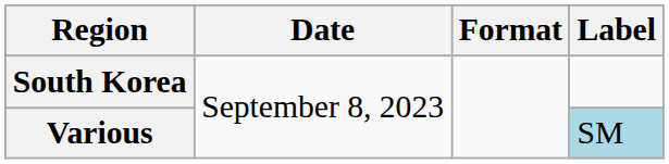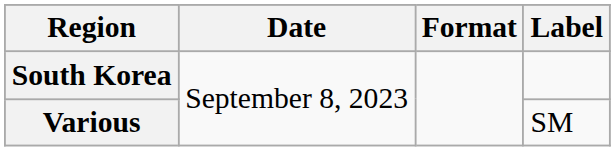 <table class="wikitable plainrowheaders">
 <tr>
 <th scope="col">Region</th>
 <th scope="col">Date</th>
 <th scope="col">Format</th>
 <th scope="col">Label</th>
 </tr>
 <tr>
 <th scope="row">South Korea</th>
 <td rowspan="2">September 8, 2023</td>
 <td rowspan="2"></td>
 <td></td>
 </tr>
 <tr>
 <th scope="row">Various </th>
-<td style="background: lightblue;">SM</td>
+<td>SM</td>
 </tr>
 </table>
